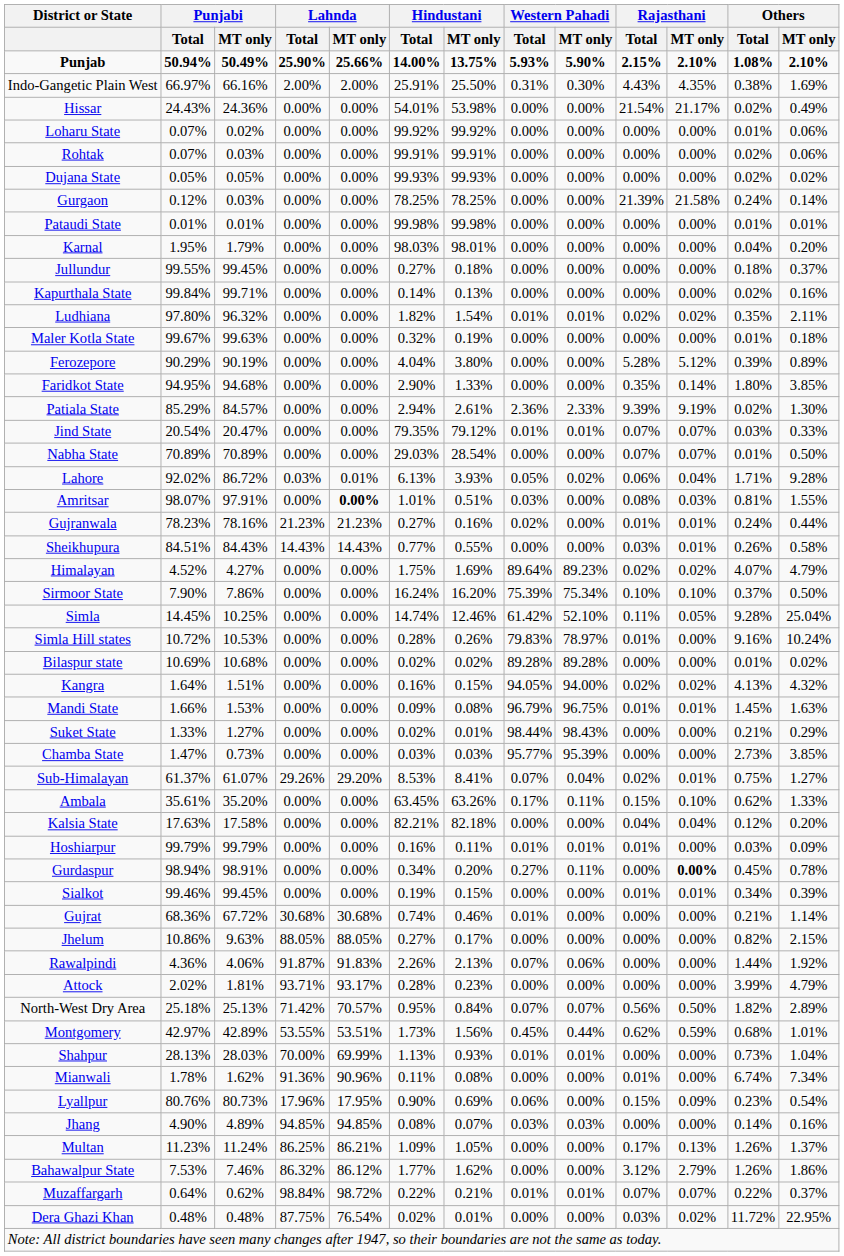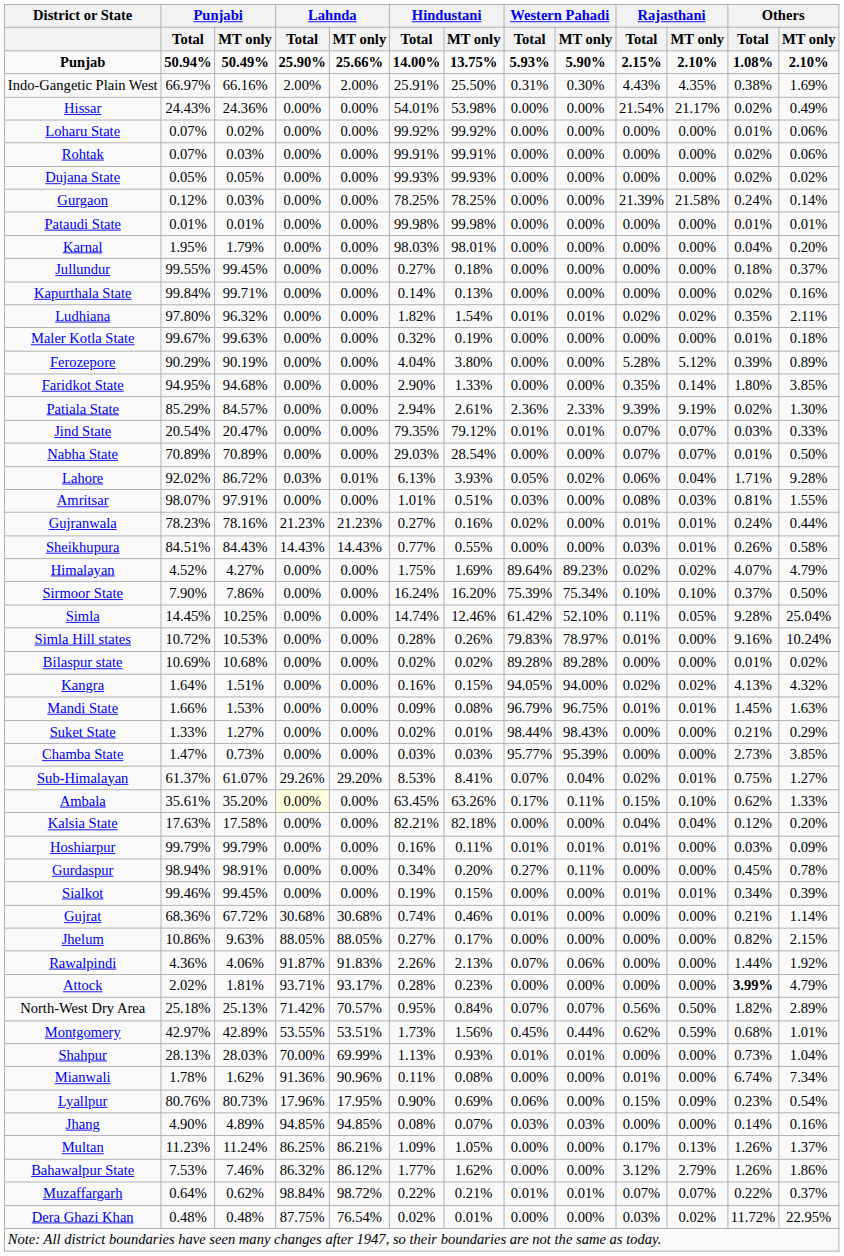 <table class="wikitable sortable" style="text-align:center;">
 <tr>
 <th>District or State</th>
 <th colspan="2"><a href='#'>Punjabi</a></th>
 <th colspan="2"><a href='#'>Lahnda</a></th>
 <th colspan="2"><a href='#'>Hindustani</a></th>
 <th colspan="2"><a href='#'>Western Pahadi</a></th>
 <th colspan="2"><a href='#'>Rajasthani</a></th>
 <th colspan="2">Others</th>
 </tr>
 <tr>
 <th></th>
 <th>Total</th>
 <th>MT only</th>
 <th>Total</th>
 <th>MT only</th>
 <th>Total</th>
 <th>MT only</th>
 <th>Total</th>
 <th>MT only</th>
 <th>Total</th>
 <th>MT only</th>
 <th>Total</th>
 <th>MT only</th>
 </tr>
 <tr>
 <td><strong>Punjab</strong></td>
 <td><strong>50.94%</strong></td>
 <td><strong>50.49%</strong></td>
 <td><strong>25.90%</strong></td>
 <td><strong>25.66%</strong></td>
 <td><strong>14.00%</strong></td>
 <td><strong>13.75%</strong></td>
 <td><strong>5.93%</strong></td>
 <td><strong>5.90%</strong></td>
 <td><strong>2.15%</strong></td>
 <td><strong>2.10%</strong></td>
 <td><strong>1.08%</strong></td>
 <td><strong>2.10%</strong></td>
 </tr>
 <tr>
 <td>Indo-Gangetic Plain West</td>
 <td>66.97%</td>
 <td>66.16%</td>
 <td>2.00%</td>
 <td>2.00%</td>
 <td>25.91%</td>
 <td>25.50%</td>
 <td>0.31%</td>
 <td>0.30%</td>
 <td>4.43%</td>
 <td>4.35%</td>
 <td>0.38%</td>
 <td>1.69%</td>
 </tr>
 <tr>
 <td><a href='#'>Hissar</a></td>
 <td>24.43%</td>
 <td>24.36%</td>
 <td>0.00%</td>
 <td>0.00%</td>
 <td>54.01%</td>
 <td>53.98%</td>
 <td>0.00%</td>
 <td>0.00%</td>
 <td>21.54%</td>
 <td>21.17%</td>
 <td>0.02%</td>
 <td>0.49%</td>
 </tr>
 <tr>
 <td><a href='#'>Loharu State</a></td>
 <td>0.07%</td>
 <td>0.02%</td>
 <td>0.00%</td>
 <td>0.00%</td>
 <td>99.92%</td>
 <td>99.92%</td>
 <td>0.00%</td>
 <td>0.00%</td>
 <td>0.00%</td>
 <td>0.00%</td>
 <td>0.01%</td>
 <td>0.06%</td>
 </tr>
 <tr>
 <td><a href='#'>Rohtak</a></td>
 <td>0.07%</td>
 <td>0.03%</td>
 <td>0.00%</td>
 <td>0.00%</td>
 <td>99.91%</td>
 <td>99.91%</td>
 <td>0.00%</td>
 <td>0.00%</td>
 <td>0.00%</td>
 <td>0.00%</td>
 <td>0.02%</td>
 <td>0.06%</td>
 </tr>
 <tr>
 <td><a href='#'>Dujana State</a></td>
 <td>0.05%</td>
 <td>0.05%</td>
 <td>0.00%</td>
 <td>0.00%</td>
 <td>99.93%</td>
 <td>99.93%</td>
 <td>0.00%</td>
 <td>0.00%</td>
 <td>0.00%</td>
 <td>0.00%</td>
 <td>0.02%</td>
 <td>0.02%</td>
 </tr>
 <tr>
 <td><a href='#'>Gurgaon</a></td>
 <td>0.12%</td>
 <td>0.03%</td>
 <td>0.00%</td>
 <td>0.00%</td>
 <td>78.25%</td>
 <td>78.25%</td>
 <td>0.00%</td>
 <td>0.00%</td>
 <td>21.39%</td>
 <td>21.58%</td>
 <td>0.24%</td>
 <td>0.14%</td>
 </tr>
 <tr>
 <td><a href='#'>Pataudi State</a></td>
 <td>0.01%</td>
 <td>0.01%</td>
 <td>0.00%</td>
 <td>0.00%</td>
 <td>99.98%</td>
 <td>99.98%</td>
 <td>0.00%</td>
 <td>0.00%</td>
 <td>0.00%</td>
 <td>0.00%</td>
 <td>0.01%</td>
 <td>0.01%</td>
 </tr>
 <tr>
 <td><a href='#'>Karnal</a></td>
 <td>1.95%</td>
 <td>1.79%</td>
 <td>0.00%</td>
 <td>0.00%</td>
 <td>98.03%</td>
 <td>98.01%</td>
 <td>0.00%</td>
 <td>0.00%</td>
 <td>0.00%</td>
 <td>0.00%</td>
 <td>0.04%</td>
 <td>0.20%</td>
 </tr>
 <tr>
 <td><a href='#'>Jullundur</a></td>
 <td>99.55%</td>
 <td>99.45%</td>
 <td>0.00%</td>
 <td>0.00%</td>
 <td>0.27%</td>
 <td>0.18%</td>
 <td>0.00%</td>
 <td>0.00%</td>
 <td>0.00%</td>
 <td>0.00%</td>
 <td>0.18%</td>
 <td>0.37%</td>
 </tr>
 <tr>
 <td><a href='#'>Kapurthala State</a></td>
 <td>99.84%</td>
 <td>99.71%</td>
 <td>0.00%</td>
 <td>0.00%</td>
 <td>0.14%</td>
 <td>0.13%</td>
 <td>0.00%</td>
 <td>0.00%</td>
 <td>0.00%</td>
 <td>0.00%</td>
 <td>0.02%</td>
 <td>0.16%</td>
 </tr>
 <tr>
 <td><a href='#'>Ludhiana</a></td>
 <td>97.80%</td>
 <td>96.32%</td>
 <td>0.00%</td>
 <td>0.00%</td>
 <td>1.82%</td>
 <td>1.54%</td>
 <td>0.01%</td>
 <td>0.01%</td>
 <td>0.02%</td>
 <td>0.02%</td>
 <td>0.35%</td>
 <td>2.11%</td>
 </tr>
 <tr>
 <td><a href='#'>Maler Kotla State</a></td>
 <td>99.67%</td>
 <td>99.63%</td>
 <td>0.00%</td>
 <td>0.00%</td>
 <td>0.32%</td>
 <td>0.19%</td>
 <td>0.00%</td>
 <td>0.00%</td>
 <td>0.00%</td>
 <td>0.00%</td>
 <td>0.01%</td>
 <td>0.18%</td>
 </tr>
 <tr>
 <td><a href='#'>Ferozepore</a></td>
 <td>90.29%</td>
 <td>90.19%</td>
 <td>0.00%</td>
 <td>0.00%</td>
 <td>4.04%</td>
 <td>3.80%</td>
 <td>0.00%</td>
 <td>0.00%</td>
 <td>5.28%</td>
 <td>5.12%</td>
 <td>0.39%</td>
 <td>0.89%</td>
 </tr>
 <tr>
 <td><a href='#'>Faridkot State</a></td>
 <td>94.95%</td>
 <td>94.68%</td>
 <td>0.00%</td>
 <td>0.00%</td>
 <td>2.90%</td>
 <td>1.33%</td>
 <td>0.00%</td>
 <td>0.00%</td>
 <td>0.35%</td>
 <td>0.14%</td>
 <td>1.80%</td>
 <td>3.85%</td>
 </tr>
 <tr>
 <td><a href='#'>Patiala State</a></td>
 <td>85.29%</td>
 <td>84.57%</td>
 <td>0.00%</td>
 <td>0.00%</td>
 <td>2.94%</td>
 <td>2.61%</td>
 <td>2.36%</td>
 <td>2.33%</td>
 <td>9.39%</td>
 <td>9.19%</td>
 <td>0.02%</td>
 <td>1.30%</td>
 </tr>
 <tr>
 <td><a href='#'>Jind State</a></td>
 <td>20.54%</td>
 <td>20.47%</td>
 <td>0.00%</td>
 <td>0.00%</td>
 <td>79.35%</td>
 <td>79.12%</td>
 <td>0.01%</td>
 <td>0.01%</td>
 <td>0.07%</td>
 <td>0.07%</td>
 <td>0.03%</td>
 <td>0.33%</td>
 </tr>
 <tr>
 <td><a href='#'>Nabha State</a></td>
 <td>70.89%</td>
 <td>70.89%</td>
 <td>0.00%</td>
 <td>0.00%</td>
 <td>29.03%</td>
 <td>28.54%</td>
 <td>0.00%</td>
 <td>0.00%</td>
 <td>0.07%</td>
 <td>0.07%</td>
 <td>0.01%</td>
 <td>0.50%</td>
 </tr>
 <tr>
 <td><a href='#'>Lahore</a></td>
 <td>92.02%</td>
 <td>86.72%</td>
 <td>0.03%</td>
 <td>0.01%</td>
 <td>6.13%</td>
 <td>3.93%</td>
 <td>0.05%</td>
 <td>0.02%</td>
 <td>0.06%</td>
 <td>0.04%</td>
 <td>1.71%</td>
 <td>9.28%</td>
 </tr>
 <tr>
 <td><a href='#'>Amritsar</a></td>
 <td>98.07%</td>
 <td>97.91%</td>
 <td>0.00%</td>
-<td><strong>0.00%</strong></td>
+<td>0.00%</td>
 <td>1.01%</td>
 <td>0.51%</td>
 <td>0.03%</td>
 <td>0.00%</td>
 <td>0.08%</td>
 <td>0.03%</td>
 <td>0.81%</td>
 <td>1.55%</td>
 </tr>
 <tr>
 <td><a href='#'>Gujranwala</a></td>
 <td>78.23%</td>
 <td>78.16%</td>
 <td>21.23%</td>
 <td>21.23%</td>
 <td>0.27%</td>
 <td>0.16%</td>
 <td>0.02%</td>
 <td>0.00%</td>
 <td>0.01%</td>
 <td>0.01%</td>
 <td>0.24%</td>
 <td>0.44%</td>
 </tr>
 <tr>
 <td><a href='#'>Sheikhupura</a></td>
 <td>84.51%</td>
 <td>84.43%</td>
 <td>14.43%</td>
 <td>14.43%</td>
 <td>0.77%</td>
 <td>0.55%</td>
 <td>0.00%</td>
 <td>0.00%</td>
 <td>0.03%</td>
 <td>0.01%</td>
 <td>0.26%</td>
 <td>0.58%</td>
 </tr>
 <tr>
 <td><a href='#'>Himalayan</a></td>
 <td>4.52%</td>
 <td>4.27%</td>
 <td>0.00%</td>
 <td>0.00%</td>
 <td>1.75%</td>
 <td>1.69%</td>
 <td>89.64%</td>
 <td>89.23%</td>
 <td>0.02%</td>
 <td>0.02%</td>
 <td>4.07%</td>
 <td>4.79%</td>
 </tr>
 <tr>
 <td><a href='#'>Sirmoor State</a></td>
 <td>7.90%</td>
 <td>7.86%</td>
 <td>0.00%</td>
 <td>0.00%</td>
 <td>16.24%</td>
 <td>16.20%</td>
 <td>75.39%</td>
 <td>75.34%</td>
 <td>0.10%</td>
 <td>0.10%</td>
 <td>0.37%</td>
 <td>0.50%</td>
 </tr>
 <tr>
 <td><a href='#'>Simla</a></td>
 <td>14.45%</td>
 <td>10.25%</td>
 <td>0.00%</td>
 <td>0.00%</td>
 <td>14.74%</td>
 <td>12.46%</td>
 <td>61.42%</td>
 <td>52.10%</td>
 <td>0.11%</td>
 <td>0.05%</td>
 <td>9.28%</td>
 <td>25.04%</td>
 </tr>
 <tr>
 <td><a href='#'>Simla Hill states</a></td>
 <td>10.72%</td>
 <td>10.53%</td>
 <td>0.00%</td>
 <td>0.00%</td>
 <td>0.28%</td>
 <td>0.26%</td>
 <td>79.83%</td>
 <td>78.97%</td>
 <td>0.01%</td>
 <td>0.00%</td>
 <td>9.16%</td>
 <td>10.24%</td>
 </tr>
 <tr>
 <td><a href='#'>Bilaspur state</a></td>
 <td>10.69%</td>
 <td>10.68%</td>
 <td>0.00%</td>
 <td>0.00%</td>
 <td>0.02%</td>
 <td>0.02%</td>
 <td>89.28%</td>
 <td>89.28%</td>
 <td>0.00%</td>
 <td>0.00%</td>
 <td>0.01%</td>
 <td>0.02%</td>
 </tr>
 <tr>
 <td><a href='#'>Kangra</a></td>
 <td>1.64%</td>
 <td>1.51%</td>
 <td>0.00%</td>
 <td>0.00%</td>
 <td>0.16%</td>
 <td>0.15%</td>
 <td>94.05%</td>
 <td>94.00%</td>
 <td>0.02%</td>
 <td>0.02%</td>
 <td>4.13%</td>
 <td>4.32%</td>
 </tr>
 <tr>
 <td><a href='#'>Mandi State</a></td>
 <td>1.66%</td>
 <td>1.53%</td>
 <td>0.00%</td>
 <td>0.00%</td>
 <td>0.09%</td>
 <td>0.08%</td>
 <td>96.79%</td>
 <td>96.75%</td>
 <td>0.01%</td>
 <td>0.01%</td>
 <td>1.45%</td>
 <td>1.63%</td>
 </tr>
 <tr>
 <td><a href='#'>Suket State</a></td>
 <td>1.33%</td>
 <td>1.27%</td>
 <td>0.00%</td>
 <td>0.00%</td>
 <td>0.02%</td>
 <td>0.01%</td>
 <td>98.44%</td>
 <td>98.43%</td>
 <td>0.00%</td>
 <td>0.00%</td>
 <td>0.21%</td>
 <td>0.29%</td>
 </tr>
 <tr>
 <td><a href='#'>Chamba State</a></td>
 <td>1.47%</td>
 <td>0.73%</td>
 <td>0.00%</td>
 <td>0.00%</td>
 <td>0.03%</td>
 <td>0.03%</td>
 <td>95.77%</td>
 <td>95.39%</td>
 <td>0.00%</td>
 <td>0.00%</td>
 <td>2.73%</td>
 <td>3.85%</td>
 </tr>
 <tr>
 <td><a href='#'>Sub-Himalayan</a></td>
 <td>61.37%</td>
 <td>61.07%</td>
 <td>29.26%</td>
 <td>29.20%</td>
 <td>8.53%</td>
 <td>8.41%</td>
 <td>0.07%</td>
 <td>0.04%</td>
 <td>0.02%</td>
 <td>0.01%</td>
 <td>0.75%</td>
 <td>1.27%</td>
 </tr>
 <tr>
 <td><a href='#'>Ambala</a></td>
 <td>35.61%</td>
 <td>35.20%</td>
-<td>0.00%</td>
+<td style="background: lightyellow;">0.00%</td>
 <td>0.00%</td>
 <td>63.45%</td>
 <td>63.26%</td>
 <td>0.17%</td>
 <td>0.11%</td>
 <td>0.15%</td>
 <td>0.10%</td>
 <td>0.62%</td>
 <td>1.33%</td>
 </tr>
 <tr>
 <td><a href='#'>Kalsia State</a></td>
 <td>17.63%</td>
 <td>17.58%</td>
 <td>0.00%</td>
 <td>0.00%</td>
 <td>82.21%</td>
 <td>82.18%</td>
 <td>0.00%</td>
 <td>0.00%</td>
 <td>0.04%</td>
 <td>0.04%</td>
 <td>0.12%</td>
 <td>0.20%</td>
 </tr>
 <tr>
 <td><a href='#'>Hoshiarpur</a></td>
 <td>99.79%</td>
 <td>99.79%</td>
 <td>0.00%</td>
 <td>0.00%</td>
 <td>0.16%</td>
 <td>0.11%</td>
 <td>0.01%</td>
 <td>0.01%</td>
 <td>0.01%</td>
 <td>0.00%</td>
 <td>0.03%</td>
 <td>0.09%</td>
 </tr>
 <tr>
 <td><a href='#'>Gurdaspur</a></td>
 <td>98.94%</td>
 <td>98.91%</td>
 <td>0.00%</td>
 <td>0.00%</td>
 <td>0.34%</td>
 <td>0.20%</td>
 <td>0.27%</td>
 <td>0.11%</td>
 <td>0.00%</td>
-<td><strong>0.00%</strong></td>
+<td>0.00%</td>
 <td>0.45%</td>
 <td>0.78%</td>
 </tr>
 <tr>
 <td><a href='#'>Sialkot</a></td>
 <td>99.46%</td>
 <td>99.45%</td>
 <td>0.00%</td>
 <td>0.00%</td>
 <td>0.19%</td>
 <td>0.15%</td>
 <td>0.00%</td>
 <td>0.00%</td>
 <td>0.01%</td>
 <td>0.01%</td>
 <td>0.34%</td>
 <td>0.39%</td>
 </tr>
 <tr>
 <td><a href='#'>Gujrat</a></td>
 <td>68.36%</td>
 <td>67.72%</td>
 <td>30.68%</td>
 <td>30.68%</td>
 <td>0.74%</td>
 <td>0.46%</td>
 <td>0.01%</td>
 <td>0.00%</td>
 <td>0.00%</td>
 <td>0.00%</td>
 <td>0.21%</td>
 <td>1.14%</td>
 </tr>
 <tr>
 <td><a href='#'>Jhelum</a></td>
 <td>10.86%</td>
 <td>9.63%</td>
 <td>88.05%</td>
 <td>88.05%</td>
 <td>0.27%</td>
 <td>0.17%</td>
 <td>0.00%</td>
 <td>0.00%</td>
 <td>0.00%</td>
 <td>0.00%</td>
 <td>0.82%</td>
 <td>2.15%</td>
 </tr>
 <tr>
 <td><a href='#'>Rawalpindi</a></td>
 <td>4.36%</td>
 <td>4.06%</td>
 <td>91.87%</td>
 <td>91.83%</td>
 <td>2.26%</td>
 <td>2.13%</td>
 <td>0.07%</td>
 <td>0.06%</td>
 <td>0.00%</td>
 <td>0.00%</td>
 <td>1.44%</td>
 <td>1.92%</td>
 </tr>
 <tr>
 <td><a href='#'>Attock</a></td>
 <td>2.02%</td>
 <td>1.81%</td>
 <td>93.71%</td>
 <td>93.17%</td>
 <td>0.28%</td>
 <td>0.23%</td>
 <td>0.00%</td>
 <td>0.00%</td>
 <td>0.00%</td>
 <td>0.00%</td>
-<td>3.99%</td>
+<td><strong>3.99%</strong></td>
 <td>4.79%</td>
 </tr>
 <tr>
 <td>North-West Dry Area</td>
 <td>25.18%</td>
 <td>25.13%</td>
 <td>71.42%</td>
 <td>70.57%</td>
 <td>0.95%</td>
 <td>0.84%</td>
 <td>0.07%</td>
 <td>0.07%</td>
 <td>0.56%</td>
 <td>0.50%</td>
 <td>1.82%</td>
 <td>2.89%</td>
 </tr>
 <tr>
 <td><a href='#'>Montgomery</a></td>
 <td>42.97%</td>
 <td>42.89%</td>
 <td>53.55%</td>
 <td>53.51%</td>
 <td>1.73%</td>
 <td>1.56%</td>
 <td>0.45%</td>
 <td>0.44%</td>
 <td>0.62%</td>
 <td>0.59%</td>
 <td>0.68%</td>
 <td>1.01%</td>
 </tr>
 <tr>
 <td><a href='#'>Shahpur</a></td>
 <td>28.13%</td>
 <td>28.03%</td>
 <td>70.00%</td>
 <td>69.99%</td>
 <td>1.13%</td>
 <td>0.93%</td>
 <td>0.01%</td>
 <td>0.01%</td>
 <td>0.00%</td>
 <td>0.00%</td>
 <td>0.73%</td>
 <td>1.04%</td>
 </tr>
 <tr>
 <td><a href='#'>Mianwali</a></td>
 <td>1.78%</td>
 <td>1.62%</td>
 <td>91.36%</td>
 <td>90.96%</td>
 <td>0.11%</td>
 <td>0.08%</td>
 <td>0.00%</td>
 <td>0.00%</td>
 <td>0.01%</td>
 <td>0.00%</td>
 <td>6.74%</td>
 <td>7.34%</td>
 </tr>
 <tr>
 <td><a href='#'>Lyallpur</a></td>
 <td>80.76%</td>
 <td>80.73%</td>
 <td>17.96%</td>
 <td>17.95%</td>
 <td>0.90%</td>
 <td>0.69%</td>
 <td>0.06%</td>
 <td>0.00%</td>
 <td>0.15%</td>
 <td>0.09%</td>
 <td>0.23%</td>
 <td>0.54%</td>
 </tr>
 <tr>
 <td><a href='#'>Jhang</a></td>
 <td>4.90%</td>
 <td>4.89%</td>
 <td>94.85%</td>
 <td>94.85%</td>
 <td>0.08%</td>
 <td>0.07%</td>
 <td>0.03%</td>
 <td>0.03%</td>
 <td>0.00%</td>
 <td>0.00%</td>
 <td>0.14%</td>
 <td>0.16%</td>
 </tr>
 <tr>
 <td><a href='#'>Multan</a></td>
 <td>11.23%</td>
 <td>11.24%</td>
 <td>86.25%</td>
 <td>86.21%</td>
 <td>1.09%</td>
 <td>1.05%</td>
 <td>0.00%</td>
 <td>0.00%</td>
 <td>0.17%</td>
 <td>0.13%</td>
 <td>1.26%</td>
 <td>1.37%</td>
 </tr>
 <tr>
 <td><a href='#'>Bahawalpur State</a></td>
 <td>7.53%</td>
 <td>7.46%</td>
 <td>86.32%</td>
 <td>86.12%</td>
 <td>1.77%</td>
 <td>1.62%</td>
 <td>0.00%</td>
 <td>0.00%</td>
 <td>3.12%</td>
 <td>2.79%</td>
 <td>1.26%</td>
 <td>1.86%</td>
 </tr>
 <tr>
 <td><a href='#'>Muzaffargarh</a></td>
 <td>0.64%</td>
 <td>0.62%</td>
 <td>98.84%</td>
 <td>98.72%</td>
 <td>0.22%</td>
 <td>0.21%</td>
 <td>0.01%</td>
 <td>0.01%</td>
 <td>0.07%</td>
 <td>0.07%</td>
 <td>0.22%</td>
 <td>0.37%</td>
 </tr>
 <tr>
 <td><a href='#'>Dera Ghazi Khan</a></td>
 <td>0.48%</td>
 <td>0.48%</td>
 <td>87.75%</td>
 <td>76.54%</td>
 <td>0.02%</td>
 <td>0.01%</td>
 <td>0.00%</td>
 <td>0.00%</td>
 <td>0.03%</td>
 <td>0.02%</td>
 <td>11.72%</td>
 <td>22.95%</td>
 </tr>
 <tr>
 <td colspan="13" align="left"><em>Note: All district boundaries have seen many changes after 1947, so their boundaries are not the same as today.</em></td>
 </tr>
 </table>
